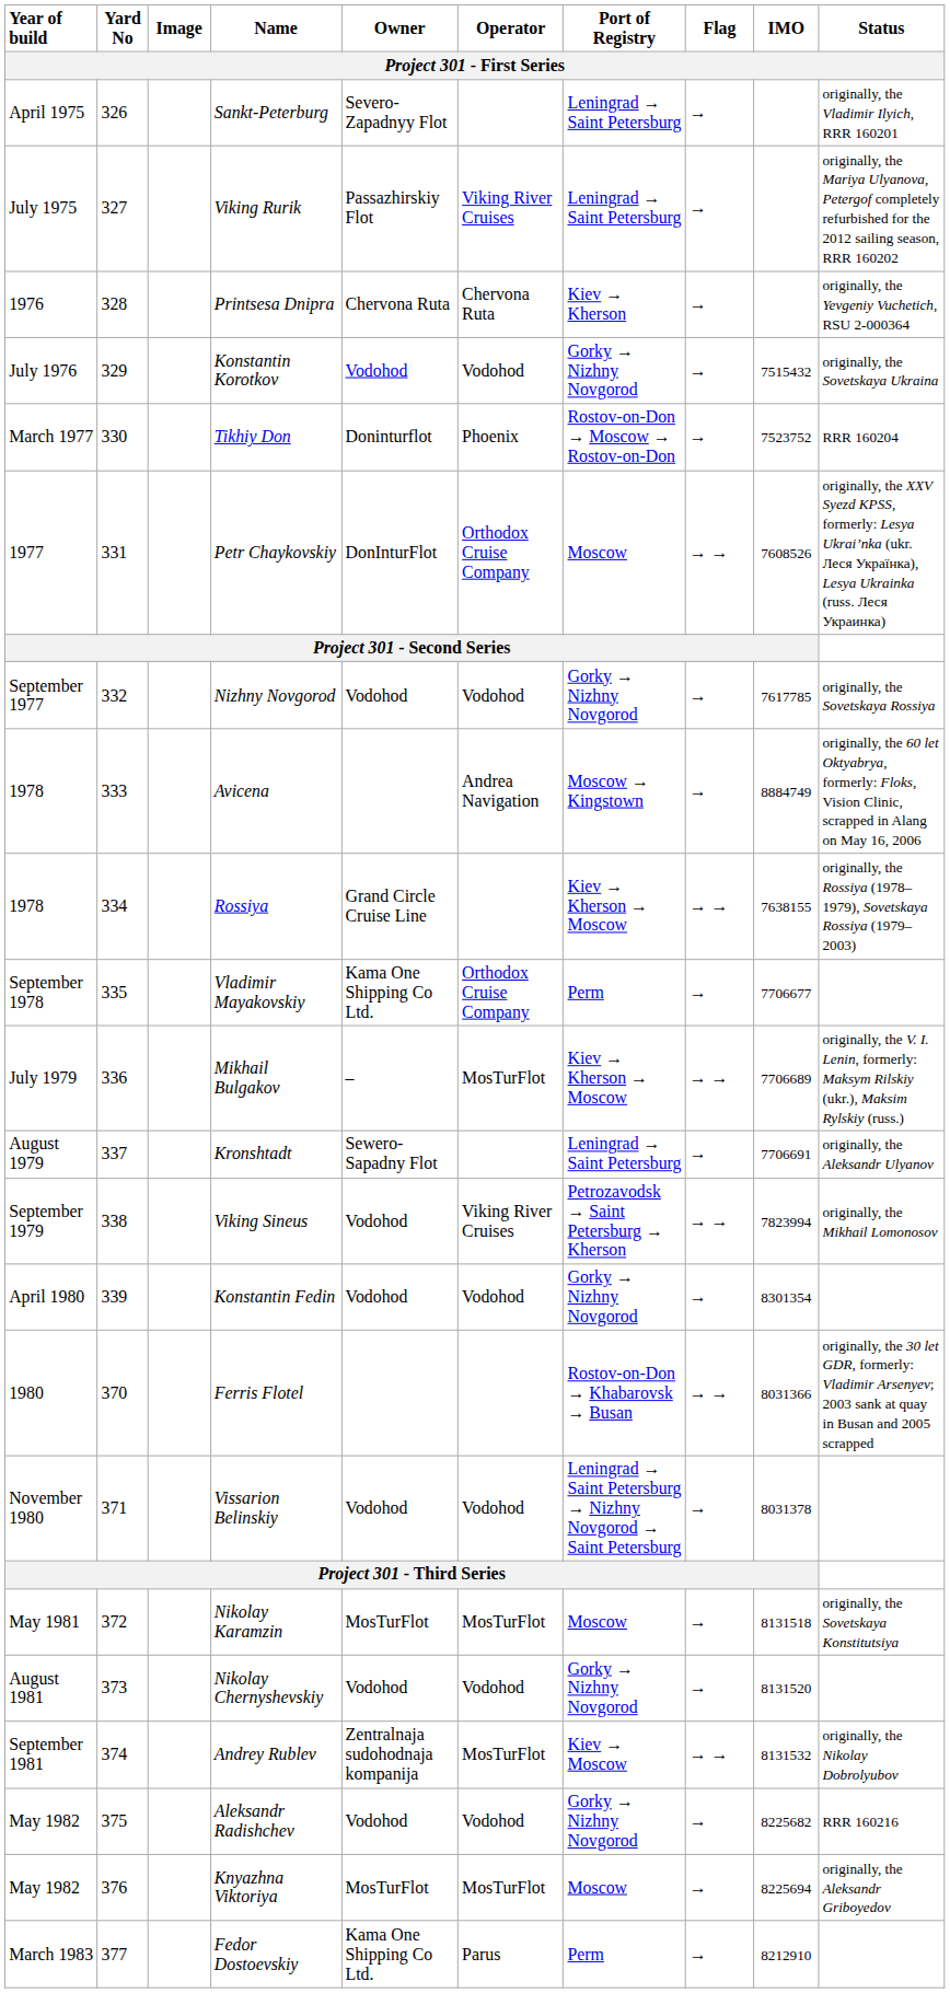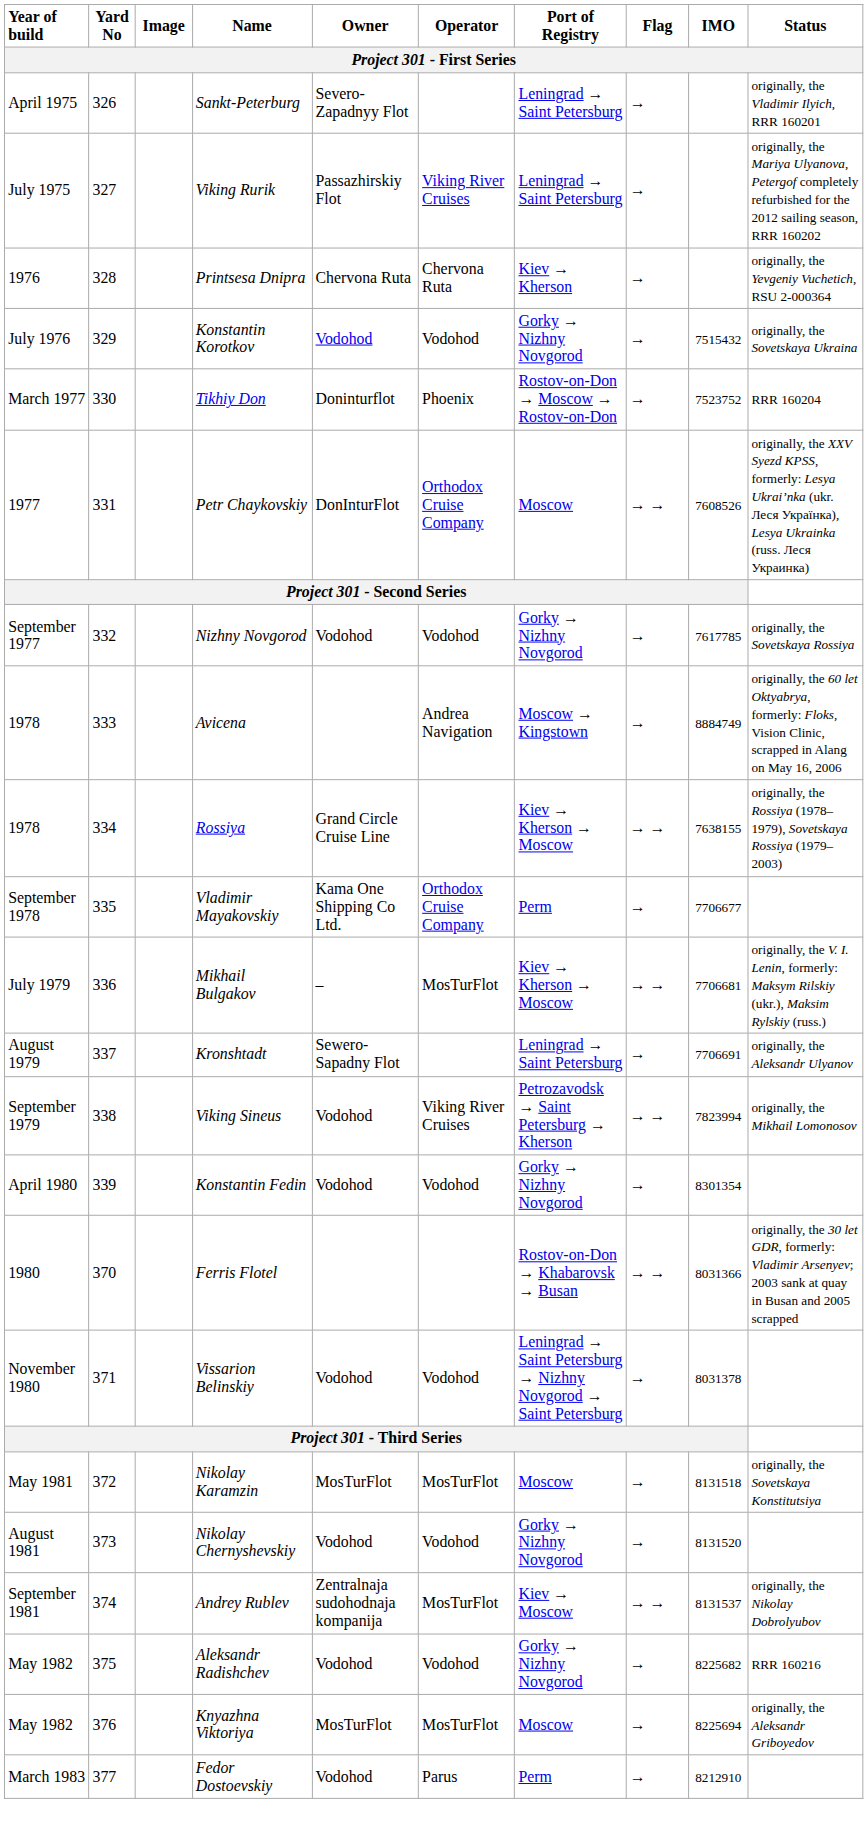 <table class="sortable wikitable" style="background:white; text-align:left; font-size">
 <tr>
 <td style="width:5%;"><strong>Year of build</strong></td>
 <td style="width:3%; text-align:Center;"><strong>Yard No</strong></td>
 <td style="width:4%; text-align:Center;"><strong>Image</strong></td>
 <td style="width:7%; text-align:Center;"><strong>Name</strong></td>
 <td style="width:7%; text-align:Center;"><strong>Owner</strong></td>
 <td style="width:7%; text-align:Center;"><strong>Operator</strong></td>
 <td style="width:10%; text-align:Center;"><strong>Port of Registry</strong></td>
 <td style="width:6%; text-align:Center;"><strong>Flag</strong></td>
 <td style="width:3%; text-align:Center;"><strong>IMO</strong></td>
 <td style="width:11%; text-align:Center;"><strong>Status</strong></td>
 </tr>
 <tr>
 <th colspan="10" style="text-align:center"><em>Project 301</em> - First Series</th>
 </tr>
 <tr>
 <td>April 1975</td>
 <td>326</td>
 <td></td>
 <td><em>Sankt-Peterburg</em></td>
 <td>Severo-Zapadnyy Flot</td>
 <td></td>
 <td><a href='#'>Leningrad</a> → <a href='#'>Saint Petersburg</a></td>
 <td> → </td>
 <td style="text-align:Center;"></td>
 <td><small> originally, the <em>Vladimir Ilyich</em>, RRR 160201 </small></td>
 </tr>
 <tr>
 <td>July 1975</td>
 <td>327</td>
 <td></td>
 <td><em>Viking Rurik</em></td>
 <td>Passazhirskiy Flot</td>
 <td><a href='#'>Viking River Cruises</a></td>
 <td><a href='#'>Leningrad</a> → <a href='#'>Saint Petersburg</a></td>
 <td> → </td>
 <td style="text-align:Center;"></td>
 <td><small>originally, the <em>Mariya Ulyanova</em>, <em>Petergof</em> completely refurbished for the 2012 sailing season, RRR 160202</small></td>
 </tr>
 <tr>
 <td>1976</td>
 <td>328</td>
 <td></td>
 <td><em>Printsesa Dnipra</em></td>
 <td>Chervona Ruta</td>
 <td>Chervona Ruta</td>
 <td><a href='#'>Kiev</a> → <a href='#'>Kherson</a></td>
 <td> → </td>
 <td style="text-align:Center;"></td>
 <td><small>originally, the <em>Yevgeniy Vuchetich</em>, RSU 2-000364 </small></td>
 </tr>
 <tr>
 <td>July 1976</td>
 <td>329</td>
 <td></td>
 <td><em>Konstantin Korotkov</em></td>
 <td><a href='#'>Vodohod</a></td>
 <td>Vodohod</td>
 <td><a href='#'>Gorky</a> → <a href='#'>Nizhny Novgorod</a></td>
 <td> → </td>
 <td style="text-align:Center;"><small> 7515432</small></td>
 <td><small>originally, the <em>Sovetskaya Ukraina</em></small></td>
 </tr>
 <tr>
 <td>March 1977</td>
 <td>330</td>
 <td></td>
 <td><em><a href='#'>Tikhiy Don</a></em></td>
 <td>Doninturflot</td>
 <td>Phoenix</td>
 <td><a href='#'>Rostov-on-Don</a> → <a href='#'>Moscow</a> → <a href='#'>Rostov-on-Don</a></td>
 <td> → </td>
 <td style="text-align:Center;"><small>  7523752 </small></td>
 <td><small>RRR 160204</small></td>
 </tr>
 <tr>
 <td>1977</td>
 <td>331</td>
 <td></td>
 <td><em>Petr Chaykovskiy</em></td>
 <td>DonInturFlot</td>
 <td><a href='#'>Orthodox Cruise Company</a></td>
 <td><a href='#'>Moscow</a></td>
 <td> →  → </td>
 <td style="text-align:Center;"><small> 7608526</small></td>
 <td><small>originally, the <em>XXV Syezd KPSS</em>, formerly: <em>Lesya Ukrai’nka</em> (ukr. Леся Українка), <em>Lesya Ukrainka</em> (russ. Леся Украинка) </small></td>
 </tr>
 <tr>
 <th colspan="9" style="text-align:center"><em>Project 301</em> - Second Series</th>
 </tr>
 <tr>
 <td>September 1977</td>
 <td>332</td>
 <td></td>
 <td><em>Nizhny Novgorod</em></td>
 <td>Vodohod</td>
 <td>Vodohod</td>
 <td><a href='#'>Gorky</a> → <a href='#'>Nizhny Novgorod</a></td>
 <td> → </td>
 <td style="text-align:Center;"><small> 7617785</small></td>
 <td><small> originally, the <em>Sovetskaya Rossiya</em> </small></td>
 </tr>
 <tr>
 <td>1978</td>
 <td>333</td>
 <td></td>
 <td><em>Avicena</em></td>
 <td></td>
 <td>Andrea Navigation</td>
 <td><a href='#'>Moscow</a> → <a href='#'>Kingstown</a></td>
 <td> → </td>
 <td style="text-align:Center;"><small> 8884749 </small></td>
 <td><small> originally, the <em>60 let Oktyabrya</em>, formerly: <em>Floks</em>, Vision Clinic, scrapped in Alang on May 16, 2006 </small></td>
 </tr>
 <tr>
 <td>1978</td>
 <td>334</td>
 <td></td>
 <td><em><a href='#'>Rossiya</a></em></td>
 <td>Grand Circle Cruise Line</td>
 <td></td>
 <td><a href='#'>Kiev</a> → <a href='#'>Kherson</a> → <a href='#'>Moscow</a></td>
 <td> →  → </td>
 <td style="text-align:Center;"><small> 7638155</small></td>
 <td><small> originally, the <em>Rossiya</em> (1978–1979), <em>Sovetskaya Rossiya</em> (1979–2003) </small></td>
 </tr>
 <tr>
 <td>September 1978</td>
 <td>335</td>
 <td></td>
 <td><em>Vladimir Mayakovskiy</em></td>
 <td>Kama One Shipping Co Ltd.</td>
 <td><a href='#'>Orthodox Cruise Company</a></td>
 <td><a href='#'>Perm</a></td>
 <td> → </td>
 <td style="text-align:Center;"><small> 7706677</small></td>
 <td><small> </small></td>
 </tr>
 <tr>
 <td>July 1979</td>
 <td>336</td>
 <td></td>
 <td><em>Mikhail Bulgakov</em></td>
 <td>–</td>
 <td>MosTurFlot</td>
 <td><a href='#'>Kiev</a> → <a href='#'>Kherson</a> → <a href='#'>Moscow</a></td>
 <td> →  → </td>
-<td style="text-align:Center;"><small> 7706689 </small></td>
+<td style="text-align:Center;"><small> 7706681 </small></td>
 <td><small> originally, the <em>V. I. Lenin</em>, formerly: <em>Maksym Rilskiy</em> (ukr.), <em>Maksim Rylskiy</em> (russ.)</small></td>
 </tr>
 <tr>
 <td>August 1979</td>
 <td>337</td>
 <td></td>
 <td><em>Kronshtadt</em></td>
 <td>Sewero-Sapadny Flot</td>
 <td></td>
 <td><a href='#'>Leningrad</a> → <a href='#'>Saint Petersburg</a></td>
 <td> → </td>
 <td style="text-align:Center;"><small>  7706691 </small></td>
 <td><small> originally, the <em>Aleksandr Ulyanov</em> </small></td>
 </tr>
 <tr>
 <td>September 1979</td>
 <td>338</td>
 <td></td>
 <td><em>Viking Sineus</em></td>
 <td>Vodohod</td>
 <td>Viking River Cruises</td>
 <td><a href='#'>Petrozavodsk</a> → <a href='#'>Saint Petersburg</a> → <a href='#'>Kherson</a></td>
 <td> →  → </td>
 <td style="text-align:Center;"><small> 7823994 </small></td>
 <td><small> originally, the <em>Mikhail Lomonosov</em></small></td>
 </tr>
 <tr>
 <td>April 1980</td>
 <td>339</td>
 <td></td>
 <td><em>Konstantin Fedin</em></td>
 <td>Vodohod</td>
 <td>Vodohod</td>
 <td><a href='#'>Gorky</a> → <a href='#'>Nizhny Novgorod</a></td>
 <td> → </td>
 <td style="text-align:Center;"><small> 8301354 </small></td>
 <td></td>
 </tr>
 <tr>
 <td>1980</td>
 <td>370</td>
 <td></td>
 <td><em>Ferris Flotel</em></td>
 <td></td>
 <td></td>
 <td><a href='#'>Rostov-on-Don</a> → <a href='#'>Khabarovsk</a> → <a href='#'>Busan</a></td>
 <td> →  → </td>
 <td style="text-align:Center;"><small> 8031366 </small></td>
 <td><small> originally, the <em>30 let GDR</em>, formerly: <em>Vladimir Arsenyev</em>; 2003 sank at quay in Busan and 2005 scrapped</small></td>
 </tr>
 <tr>
 <td>November 1980</td>
 <td>371</td>
 <td></td>
 <td><em>Vissarion Belinskiy</em></td>
 <td>Vodohod</td>
 <td>Vodohod</td>
 <td><a href='#'>Leningrad</a> → <a href='#'>Saint Petersburg</a> → <a href='#'>Nizhny Novgorod</a> → <a href='#'>Saint Petersburg</a></td>
 <td> → </td>
 <td style="text-align:Center;"><small> 8031378 </small></td>
 <td></td>
 </tr>
 <tr>
 <th colspan="9" style="text-align:center"><em>Project 301</em> - Third Series</th>
 </tr>
 <tr>
 <td>May 1981</td>
 <td>372</td>
 <td></td>
 <td><em>Nikolay Karamzin</em></td>
 <td>MosTurFlot</td>
 <td>MosTurFlot</td>
 <td><a href='#'>Moscow</a></td>
 <td> → </td>
 <td style="text-align:Center;"><small> 8131518</small></td>
 <td><small> originally, the <em>Sovetskaya Konstitutsiya</em></small></td>
 </tr>
 <tr>
 <td>August 1981</td>
 <td>373</td>
 <td></td>
 <td><em>Nikolay Chernyshevskiy</em></td>
 <td>Vodohod</td>
 <td>Vodohod</td>
 <td><a href='#'>Gorky</a> → <a href='#'>Nizhny Novgorod</a></td>
 <td> → </td>
 <td style="text-align:Center;"><small> 8131520</small></td>
 <td></td>
 </tr>
 <tr>
 <td>September 1981</td>
 <td>374</td>
 <td></td>
 <td><em>Andrey Rublev</em></td>
 <td>Zentralnaja sudohodnaja kompanija</td>
 <td>MosTurFlot</td>
 <td><a href='#'>Kiev</a> → <a href='#'>Moscow</a></td>
 <td> →  → </td>
-<td style="text-align:Center;"><small>  8131532 </small></td>
+<td style="text-align:Center;"><small>  8131537 </small></td>
 <td><small> originally, the <em>Nikolay Dobrolyubov</em></small></td>
 </tr>
 <tr>
 <td>May 1982</td>
 <td>375</td>
 <td></td>
 <td><em>Aleksandr Radishchev</em></td>
 <td>Vodohod</td>
 <td>Vodohod</td>
 <td><a href='#'>Gorky</a> → <a href='#'>Nizhny Novgorod</a></td>
 <td> → </td>
 <td style="text-align:Center;"><small>  8225682</small></td>
 <td><small> RRR 160216</small></td>
 </tr>
 <tr>
 <td>May 1982</td>
 <td>376</td>
 <td></td>
 <td><em>Knyazhna Viktoriya</em></td>
 <td>MosTurFlot</td>
 <td>MosTurFlot</td>
 <td><a href='#'>Moscow</a></td>
 <td> → </td>
 <td style="text-align:Center;"><small> 8225694</small></td>
 <td><small> originally, the <em>Aleksandr Griboyedov</em> </small></td>
 </tr>
 <tr>
 <td>March 1983</td>
 <td>377</td>
 <td></td>
 <td><em>Fedor Dostoevskiy</em></td>
-<td>Kama One Shipping Co Ltd.</td>
+<td>Vodohod</td>
 <td>Parus</td>
 <td><a href='#'>Perm</a></td>
 <td> → </td>
 <td style="text-align:Center;"><small> 8212910</small></td>
 <td></td>
 </tr>
 </table>
